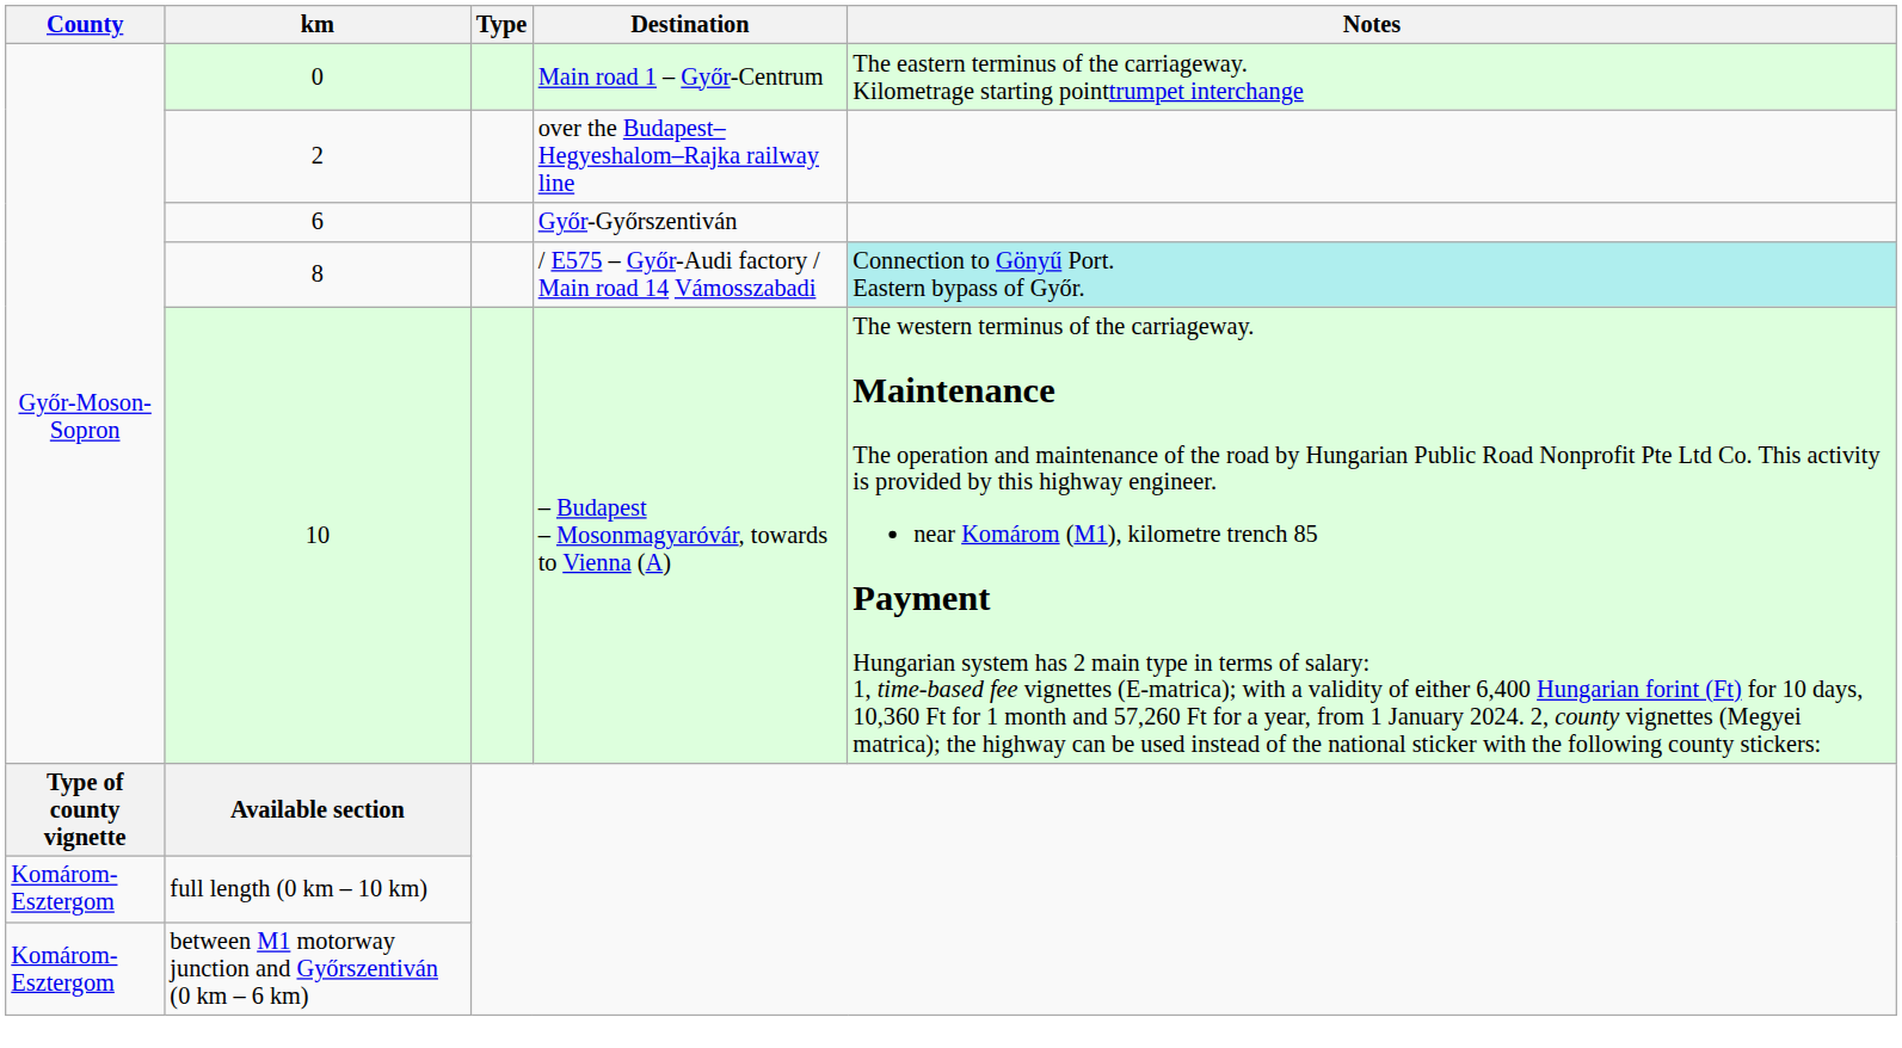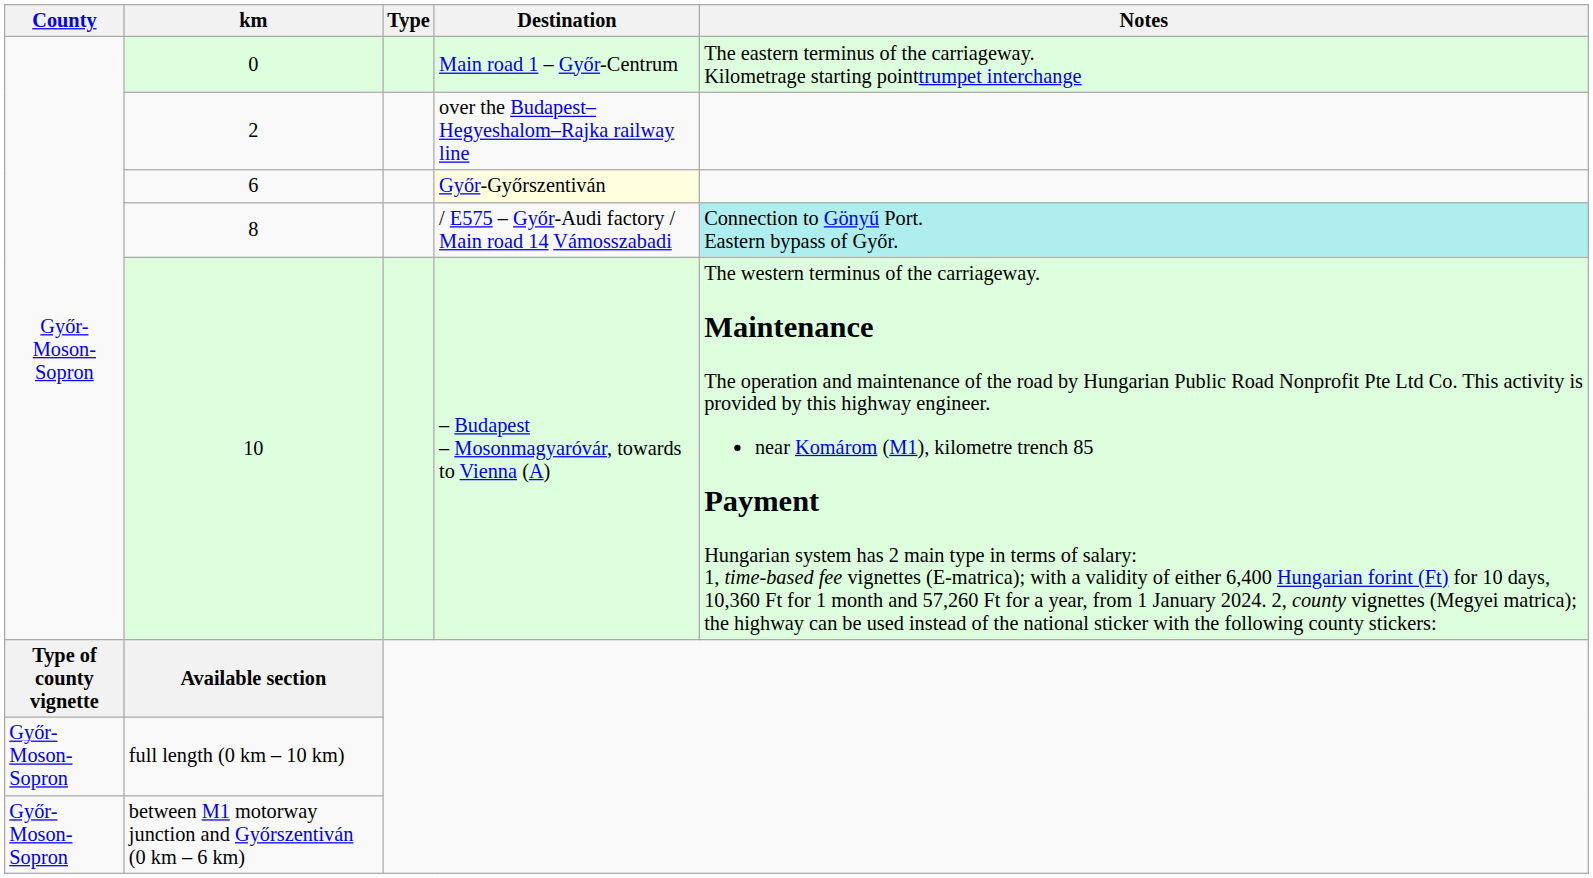 <table class="wikitable">
 <tr>
 <th scope="col"><a href='#'>County</a></th>
 <th scope="col">km</th>
 <th scope="col">Type</th>
 <th scope="col">Destination</th>
 <th scope="col">Notes</th>
 </tr>
 <tr>
 <td rowspan=5; align=center><br><a href='#'>Győr-Moson-Sopron</a></td>
 <td style="background:#dfd;" align=center>0</td>
 <td style="background:#dfd;" align=center></td>
 <td style="background:#dfd;"> <a href='#'>Main road 1</a> – <a href='#'>Győr</a>-Centrum</td>
 <td style="background:#dfd;">The eastern terminus of the carriageway.<br>Kilometrage starting point<a href='#'>trumpet interchange</a></td>
 </tr>
 <tr>
 <td align=center>2</td>
 <td align=center></td>
 <td>over the <a href='#'>Budapest–Hegyeshalom–Rajka railway line</a></td>
 </tr>
 <tr>
 <td align=center>6</td>
 <td align=center></td>
-<td><a href='#'>Győr</a>-Győrszentiván</td>
+<td style="background: lightyellow;"><a href='#'>Győr</a>-Győrszentiván</td>
 <td></td>
 </tr>
 <tr>
 <td align=center>8</td>
 <td align=center></td>
 <td> / <a href='#'>E575</a> – <a href='#'>Győr</a>-Audi factory /  <a href='#'>Main road 14</a> <a href='#'>Vámosszabadi</a></td>
 <td style="background: paleturquoise;">Connection to <a href='#'>Gönyű</a> Port.<br>Eastern bypass of Győr.</td>
 </tr>
 <tr>
 <td style="background:#dfd;" align=center>10</td>
 <td style="background:#dfd;" align=center></td>
 <td style="background:#dfd;"> – <a href='#'>Budapest</a><br> – <a href='#'>Mosonmagyaróvár</a>, towards to <a href='#'>Vienna</a> (<a href='#'>A</a>)</td>
 <td style="background:#dfd;">The western terminus of the carriageway.<br><h2>Maintenance</h2>The operation and maintenance of the road by Hungarian Public Road Nonprofit Pte Ltd Co. This activity is provided by this highway engineer.<ul><li>near <a href='#'>Komárom</a> (<a href='#'>M1</a>), kilometre trench 85</li></ul><h2>Payment</h2>Hungarian system has 2 main type in terms of salary:<br>1, <em>time-based fee</em> vignettes (E-matrica); with a validity of either 6,400 <a href='#'>Hungarian forint (Ft)</a> for 10 days, 10,360 Ft for 1 month and 57,260 Ft for a year, from 1 January 2024. 2, <em>county</em> vignettes (Megyei matrica); the highway can be used instead of the national sticker with the following county stickers:</td>
 </tr>
 <tr>
 <th>Type of county vignette</th>
 <th>Available section</th>
 </tr>
 <tr>
-<td><a href='#'>Komárom-Esztergom</a></td>
+<td><a href='#'>Győr-Moson-Sopron</a></td>
 <td>full length (0 km – 10 km)</td>
 </tr>
 <tr>
-<td><a href='#'>Komárom-Esztergom</a></td>
+<td><a href='#'>Győr-Moson-Sopron</a></td>
 <td>between <a href='#'>M1</a> motorway junction and <a href='#'>Győrszentiván</a> (0 km – 6 km)</td>
 </tr>
 </table>
